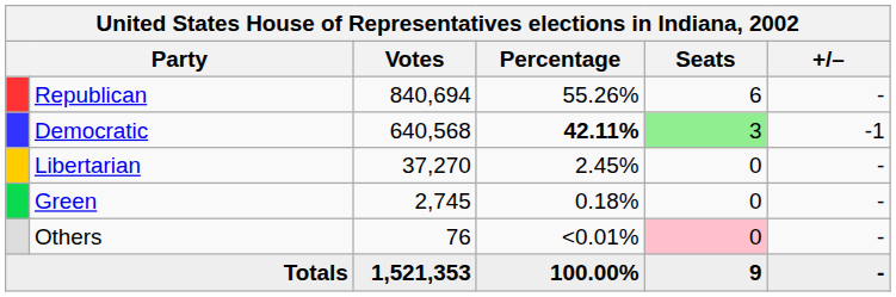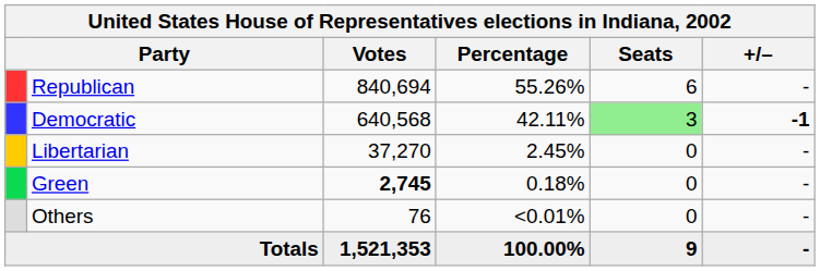 <table class="wikitable" style="font-size: 95%;">
 <tr>
 <th colspan="6">United States House of Representatives elections in Indiana, 2002</th>
 </tr>
 <tr>
 <th colspan="2" style="width: 15em">Party</th>
 <th style="width: 5em">Votes</th>
 <th style="width: 7em">Percentage</th>
 <th style="width: 5em">Seats</th>
 <th style="width: 5em">+/–</th>
 </tr>
 <tr>
 <th style="background-color:#FF3333; width: 3px"></th>
 <td style="width: 130px"><a href='#'>Republican</a></td>
 <td align="right">840,694</td>
 <td align="right">55.26%</td>
 <td align="right">6</td>
 <td align="right">-</td>
 </tr>
 <tr>
 <th style="background-color:#3333FF; width: 3px"></th>
 <td style="width: 130px"><a href='#'>Democratic</a></td>
 <td align="right">640,568</td>
-<td align="right"><strong>42.11%</strong></td>
+<td align="right">42.11%</td>
 <td align="right" style="background: lightgreen;">3</td>
-<td align="right">-1</td>
+<td align="right"><strong>-1</strong></td>
 </tr>
 <tr>
 <th style="background-color:#FFCC00; width: 3px"></th>
 <td style="width: 130px"><a href='#'>Libertarian</a></td>
 <td align="right">37,270</td>
 <td align="right">2.45%</td>
 <td align="right">0</td>
 <td align="right">-</td>
 </tr>
 <tr>
 <th style="background-color:#0BDA51; width: 3px"></th>
 <td style="width: 130px"><a href='#'>Green</a></td>
-<td align="right">2,745</td>
+<td align="right"><strong>2,745</strong></td>
 <td align="right">0.18%</td>
 <td align="right">0</td>
 <td align="right">-</td>
 </tr>
 <tr>
 <th style="background-color:#DDDDDD; width: 3px"></th>
 <td style="width: 130px">Others</td>
 <td align="right">76</td>
 <td align="right"><0.01%</td>
-<td align="right" style="background: pink;">0</td>
+<td align="right">0</td>
 <td align="right">-</td>
 </tr>
 <tr bgcolor="#EEEEEE">
 <td colspan="2" align="right"><strong>Totals</strong></td>
 <td align="right"><strong>1,521,353</strong></td>
 <td align="right"><strong>100.00%</strong></td>
 <td align="right"><strong>9</strong></td>
 <td align="right"><strong>-</strong></td>
 </tr>
 </table>
